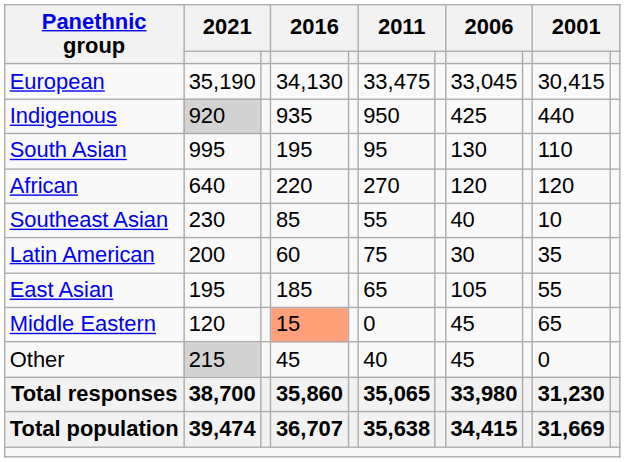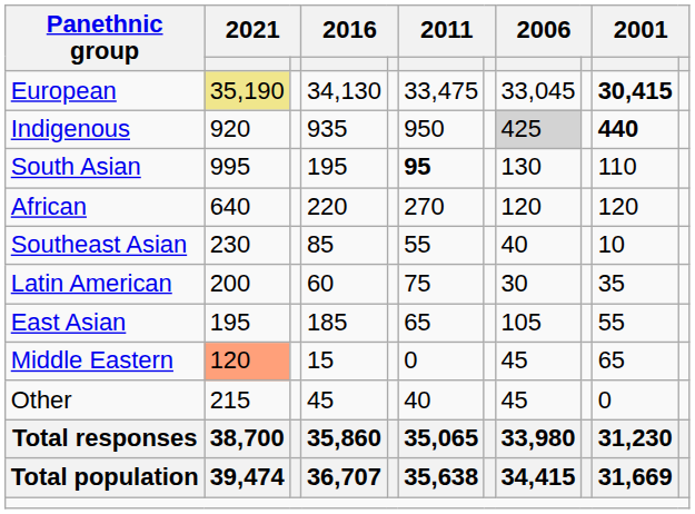 <table class="wikitable collapsible sortable">
 <tr>
 <th rowspan="2"><a href='#'>Panethnic</a><br>group</th>
 <th colspan="2">2021</th>
 <th colspan="2">2016</th>
 <th colspan="2">2011</th>
 <th colspan="2">2006</th>
 <th colspan="2">2001</th>
 </tr>
 <tr>
 <th><a href='#'></a></th>
 <th></th>
 <th></th>
 <th></th>
 <th></th>
 <th></th>
 <th></th>
 <th></th>
 <th></th>
 <th></th>
 </tr>
 <tr>
 <td><a href='#'>European</a></td>
-<td>35,190</td>
+<td style="background: khaki;">35,190</td>
 <td></td>
 <td>34,130</td>
 <td></td>
 <td>33,475</td>
 <td></td>
 <td>33,045</td>
 <td></td>
-<td>30,415</td>
+<td><strong>30,415</strong></td>
 <td></td>
 </tr>
 <tr>
 <td><a href='#'>Indigenous</a></td>
-<td style="background: lightgrey;">920</td>
+<td>920</td>
 <td></td>
 <td>935</td>
 <td></td>
 <td>950</td>
 <td></td>
-<td>425</td>
+<td style="background: lightgrey;">425</td>
 <td></td>
-<td>440</td>
+<td><strong>440</strong></td>
 <td></td>
 </tr>
 <tr>
 <td><a href='#'>South Asian</a></td>
 <td>995</td>
 <td></td>
 <td>195</td>
 <td></td>
-<td>95</td>
+<td><strong>95</strong></td>
 <td></td>
 <td>130</td>
 <td></td>
 <td>110</td>
 <td></td>
 </tr>
 <tr>
 <td><a href='#'>African</a></td>
 <td>640</td>
 <td></td>
 <td>220</td>
 <td></td>
 <td>270</td>
 <td></td>
 <td>120</td>
 <td></td>
 <td>120</td>
 <td></td>
 </tr>
 <tr>
 <td><a href='#'>Southeast Asian</a></td>
 <td>230</td>
 <td></td>
 <td>85</td>
 <td></td>
 <td>55</td>
 <td></td>
 <td>40</td>
 <td></td>
 <td>10</td>
 <td></td>
 </tr>
 <tr>
 <td><a href='#'>Latin American</a></td>
 <td>200</td>
 <td></td>
 <td>60</td>
 <td></td>
 <td>75</td>
 <td></td>
 <td>30</td>
 <td></td>
 <td>35</td>
 <td></td>
 </tr>
 <tr>
 <td><a href='#'>East Asian</a></td>
 <td>195</td>
 <td></td>
 <td>185</td>
 <td></td>
 <td>65</td>
 <td></td>
 <td>105</td>
 <td></td>
 <td>55</td>
 <td></td>
 </tr>
 <tr>
 <td><a href='#'>Middle Eastern</a></td>
-<td>120</td>
+<td style="background: lightsalmon;">120</td>
 <td></td>
-<td style="background: lightsalmon;">15</td>
+<td>15</td>
 <td></td>
 <td>0</td>
 <td></td>
 <td>45</td>
 <td></td>
 <td>65</td>
 <td></td>
 </tr>
 <tr>
 <td>Other</td>
-<td style="background: lightgrey;">215</td>
+<td>215</td>
 <td></td>
 <td>45</td>
 <td></td>
 <td>40</td>
 <td></td>
 <td>45</td>
 <td></td>
 <td>0</td>
 <td></td>
 </tr>
 <tr>
 <th>Total responses</th>
 <th>38,700</th>
 <th></th>
 <th>35,860</th>
 <th></th>
 <th>35,065</th>
 <th></th>
 <th>33,980</th>
 <th></th>
 <th>31,230</th>
 <th></th>
 </tr>
 <tr class="sortbottom">
 <th>Total population</th>
 <th>39,474</th>
 <th></th>
 <th>36,707</th>
 <th></th>
 <th>35,638</th>
 <th></th>
 <th>34,415</th>
 <th></th>
 <th>31,669</th>
 <th></th>
 </tr>
 <tr class="sortbottom">
 <td colspan="15"></td>
 </tr>
 </table>
